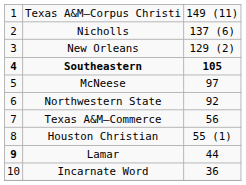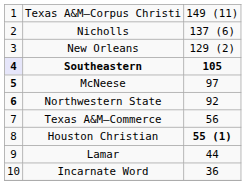 <table class="wikitable">
 <tr align="center">
 <td>1</td>
 <td>Texas A&M–Corpus Christi</td>
 <td>149 (11)</td>
 </tr>
 <tr align="center">
 <td>2</td>
 <td>Nicholls</td>
 <td>137 (6)</td>
 </tr>
 <tr align="center">
 <td>3</td>
 <td>New Orleans</td>
 <td>129 (2)</td>
 </tr>
 <tr align="center">
-<td><strong>4</strong></td>
+<td style="background: lavender;"><strong>4</strong></td>
 <td><strong>Southeastern</strong></td>
 <td><strong>105</strong></td>
 </tr>
 <tr align="center">
-<td>5</td>
+<td><strong>5</strong></td>
 <td>McNeese</td>
 <td>97</td>
 </tr>
 <tr align="center">
-<td>6</td>
+<td><strong>6</strong></td>
 <td>Northwestern State</td>
 <td>92</td>
 </tr>
 <tr align="center">
 <td>7</td>
 <td>Texas A&M–Commerce</td>
 <td>56</td>
 </tr>
 <tr align="center">
 <td>8</td>
 <td>Houston Christian</td>
-<td>55 (1)</td>
+<td><strong>55 (1)</strong></td>
 </tr>
 <tr align="center">
-<td><strong>9</strong></td>
+<td>9</td>
 <td>Lamar</td>
 <td>44</td>
 </tr>
 <tr align="center">
 <td>10</td>
 <td>Incarnate Word</td>
 <td>36</td>
 </tr>
 <tr align="center">
 </tr>
 </table>
